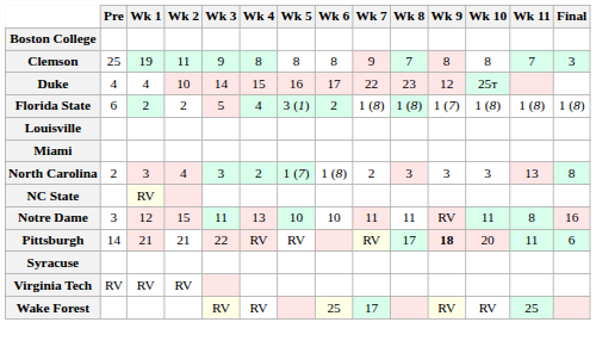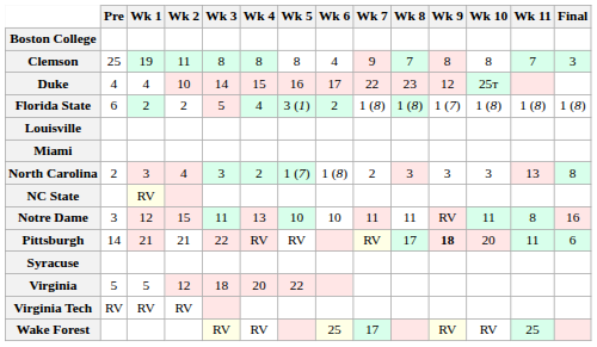 <table class="wikitable" style="white-space:nowrap;font-size:90%;">
 <tr>
 <th colspan=1 style="background:white; border-top-style:hidden; border-left-style:hidden;"> </th>
 <th>Pre <br></th>
 <th>Wk 1 <br></th>
 <th>Wk 2 <br></th>
 <th>Wk 3 <br></th>
 <th>Wk 4 <br></th>
 <th>Wk 5 <br></th>
 <th>Wk 6 <br></th>
 <th>Wk 7 <br></th>
 <th>Wk 8 <br></th>
 <th>Wk 9 <br></th>
 <th>Wk 10 <br></th>
 <th>Wk 11 <br></th>
 <th>Final <br></th>
 </tr>
 <tr style="text-align:center;">
 <th>Boston College</th>
 <td style="background:#FFF;"></td>
 <td style="background:#FFF;"></td>
 <td style="background:#FFF;"></td>
 <td style="background:#FFF;"></td>
 <td style="background:#FFF;"></td>
 <td style="background:#FFF;"></td>
 <td style="background:#FFF;"></td>
 <td style="background:#FFF;"></td>
 <td style="background:#FFF;"></td>
 <td style="background:#FFF;"></td>
 <td style="background:#FFF;"></td>
 <td style="background:#FFF;"></td>
 <td style="background:#FFF;"></td>
 </tr>
 <tr style="text-align:center;">
 <th>Clemson</th>
 <td style="background:#FFF;"> 25</td>
 <td style="background:#D8FFEB;"> 19</td>
 <td style="background:#D8FFEB;"> 11</td>
-<td style="background:#D8FFEB;"> 9</td>
+<td style="background:#D8FFEB;"> 8</td>
 <td style="background:#D8FFEB;"> 8</td>
 <td style="background:#FFF;"> 8</td>
-<td style="background:#FFF;"> 8</td>
+<td style="background:#FFF;"> 4</td>
 <td style="background:#FFE6E6;"> 9</td>
 <td style="background:#D8FFEB;"> 7</td>
 <td style="background:#FFE6E6;"> 8</td>
 <td style="background:#FFF;"> 8</td>
 <td style="background:#D8FFEB;"> 7</td>
 <td style="background:#D8FFEB;"> 3</td>
 </tr>
 <tr style="text-align:center;">
 <th>Duke</th>
 <td style="background:#FFF;"> 4</td>
 <td style="background:#FFF;"> 4</td>
 <td style="background:#FFE6E6;"> 10</td>
 <td style="background:#FFE6E6;"> 14</td>
 <td style="background:#FFE6E6;"> 15</td>
 <td style="background:#FFE6E6;"> 16</td>
 <td style="background:#FFE6E6;"> 17</td>
 <td style="background:#FFE6E6;"> 22</td>
 <td style="background:#FFE6E6;"> 23</td>
 <td style="background:#FFE6E6;"> 12</td>
 <td style="background:#D8FFEB;"> 25т</td>
 <td style="background:#FFE6E6;"></td>
 <td style="background:#FFF;"></td>
 </tr>
 <tr style="text-align:center;">
 <th>Florida State</th>
 <td style="background:#FFF;"> 6</td>
 <td style="background:#D8FFEB;"> 2</td>
 <td style="background:#FFF;"> 2</td>
 <td style="background:#FFE6E6;"> 5</td>
 <td style="background:#D8FFEB;"> 4</td>
 <td style="background:#D8FFEB;"> 3 (<em>1</em>)</td>
 <td style="background:#D8FFEB;"> 2</td>
 <td style="background:#FFF;"> 1 (<em>8</em>)</td>
 <td style="background:#D8FFEB;"> 1 (<em>8</em>)</td>
 <td style="background:#FFF;"> 1 (<em>7</em>)</td>
 <td style="background:#FFF;"> 1 (<em>8</em>)</td>
 <td style="background:#FFF;"> 1 (<em>8</em>)</td>
 <td style="background:#FFF;"> 1 (<em>8</em>)</td>
 </tr>
 <tr style="text-align:center;">
 <th>Louisville</th>
 <td style="background:#FFF;"></td>
 <td style="background:#FFF;"></td>
 <td style="background:#FFF;"></td>
 <td style="background:#FFF;"></td>
 <td style="background:#FFF;"></td>
 <td style="background:#FFF;"></td>
 <td style="background:#FFF;"></td>
 <td style="background:#FFF;"></td>
 <td style="background:#FFF;"></td>
 <td style="background:#FFF;"></td>
 <td style="background:#FFF;"></td>
 <td style="background:#FFF;"></td>
 <td style="background:#FFF;"></td>
 </tr>
 <tr style="text-align:center;">
 <th>Miami</th>
 <td style="background:#FFF;"></td>
 <td style="background:#FFF;"></td>
 <td style="background:#FFF;"></td>
 <td style="background:#FFF;"></td>
 <td style="background:#FFF;"></td>
 <td style="background:#FFF;"></td>
 <td style="background:#FFF;"></td>
 <td style="background:#FFF;"></td>
 <td style="background:#FFF;"></td>
 <td style="background:#FFF;"></td>
 <td style="background:#FFF;"></td>
 <td style="background:#FFF;"></td>
 <td style="background:#FFF;"></td>
 </tr>
 <tr style="text-align:center;">
 <th>North Carolina</th>
 <td style="background:#FFF;"> 2</td>
 <td style="background:#FFE6E6;"> 3</td>
 <td style="background:#FFE6E6;"> 4</td>
 <td style="background:#D8FFEB;"> 3</td>
 <td style="background:#D8FFEB;"> 2</td>
 <td style="background:#D8FFEB;"> 1 (<em>7</em>)</td>
 <td style="background:#FFF;"> 1 (<em>8</em>)</td>
 <td style="background:#FFF;"> 2</td>
 <td style="background:#FFE6E6;"> 3</td>
 <td style="background:#FFF;"> 3</td>
 <td style="background:#FFF;"> 3</td>
 <td style="background:#FFE6E6;"> 13</td>
 <td style="background:#D8FFEB;"> 8</td>
 </tr>
 <tr style="text-align:center;">
 <th>NC State</th>
 <td style="background:#FFF;"></td>
 <td style="background:#FFFFE6;"> RV</td>
 <td style="background:#FFE6E6;"></td>
 <td style="background:#FFF;"></td>
 <td style="background:#FFF;"></td>
 <td style="background:#FFF;"></td>
 <td style="background:#FFF;"></td>
 <td style="background:#FFF;"></td>
 <td style="background:#FFF;"></td>
 <td style="background:#FFF;"></td>
 <td style="background:#FFF;"></td>
 <td style="background:#FFF;"></td>
 <td style="background:#FFF;"></td>
 </tr>
 <tr style="text-align:center;">
 <th>Notre Dame</th>
 <td style="background:#FFF;"> 3</td>
 <td style="background:#FFE6E6;"> 12</td>
 <td style="background:#FFE6E6;"> 15</td>
 <td style="background:#D8FFEB;"> 11</td>
 <td style="background:#FFE6E6;"> 13</td>
 <td style="background:#D8FFEB;"> 10</td>
 <td style="background:#FFF;"> 10</td>
 <td style="background:#FFE6E6;"> 11</td>
 <td style="background:#FFF;"> 11</td>
 <td style="background:#FFE6E6;"> RV</td>
 <td style="background:#D8FFEB;"> 11</td>
 <td style="background:#D8FFEB;"> 8</td>
 <td style="background:#FFE6E6;"> 16</td>
 </tr>
 <tr style="text-align:center;">
 <th>Pittsburgh</th>
 <td style="background:#FFF;"> 14</td>
 <td style="background:#FFE6E6;"> 21</td>
 <td style="background:#FFF;"> 21</td>
 <td style="background:#FFE6E6;"> 22</td>
 <td style="background:#FFE6E6;"> RV</td>
 <td style="background:#FFF;"> RV</td>
 <td style="background:#FFE6E6;"></td>
 <td style="background:#FFFFE6;"> RV</td>
 <td style="background:#D8FFEB;"> 17</td>
 <td style="background:#FFE6E6;"><strong> 18</strong></td>
 <td style="background:#FFE6E6;"> 20</td>
 <td style="background:#D8FFEB;"> 11</td>
 <td style="background:#D8FFEB;"> 6</td>
 </tr>
 <tr style="text-align:center;">
 <th>Syracuse</th>
 <td style="background:#FFF;"></td>
 <td style="background:#FFF;"></td>
 <td style="background:#FFF;"></td>
 <td style="background:#FFF;"></td>
 <td style="background:#FFF;"></td>
 <td style="background:#FFF;"></td>
 <td style="background:#FFF;"></td>
 <td style="background:#FFF;"></td>
 <td style="background:#FFF;"></td>
 <td style="background:#FFF;"></td>
 <td style="background:#FFF;"></td>
 <td style="background:#FFF;"></td>
 <td style="background:#FFF;"></td>
 </tr>
 <tr style="text-align:center;">
+<th>Virginia</th>
+<td style="background:#FFF;"> 5</td>
+<td style="background:#FFF;"> 5</td>
+<td style="background:#FFE6E6;"> 12</td>
+<td style="background:#FFE6E6;"> 18</td>
+<td style="background:#FFE6E6;"> 20</td>
+<td style="background:#FFE6E6;"> 22</td>
+<td style="background:#FFE6E6;"></td>
+<td style="background:#FFF;"></td>
+<td style="background:#FFF;"></td>
+<td style="background:#FFF;"></td>
+<td style="background:#FFF;"></td>
+<td style="background:#FFF;"></td>
+<td style="background:#FFF;"></td>
+</tr>
+<tr style="text-align:center;">
 <th>Virginia Tech</th>
 <td style="background:#FFF;"> RV</td>
 <td style="background:#FFF;"> RV</td>
 <td style="background:#FFF;"> RV</td>
 <td style="background:#FFE6E6;"></td>
 <td style="background:#FFF;"></td>
 <td style="background:#FFF;"></td>
 <td style="background:#FFF;"></td>
 <td style="background:#FFF;"></td>
 <td style="background:#FFF;"></td>
 <td style="background:#FFF;"></td>
 <td style="background:#FFF;"></td>
 <td style="background:#FFF;"></td>
 <td style="background:#FFF;"></td>
 </tr>
 <tr style="text-align:center;">
 <th>Wake Forest</th>
 <td style="background:#FFF;"></td>
 <td style="background:#FFF;"></td>
 <td style="background:#FFF;"></td>
 <td style="background:#FFFFE6;"> RV</td>
 <td style="background:#FFF;"> RV</td>
 <td style="background:#FFE6E6;"></td>
 <td style="background:#FFFFE6;"> 25</td>
 <td style="background:#D8FFEB;"> 17</td>
 <td style="background:#FFE6E6;"></td>
 <td style="background:#FFFFE6;"> RV</td>
 <td style="background:#FFF;"> RV</td>
 <td style="background:#D8FFEB;"> 25</td>
 <td style="background:#FFE6E6;"></td>
 </tr>
 </table>
